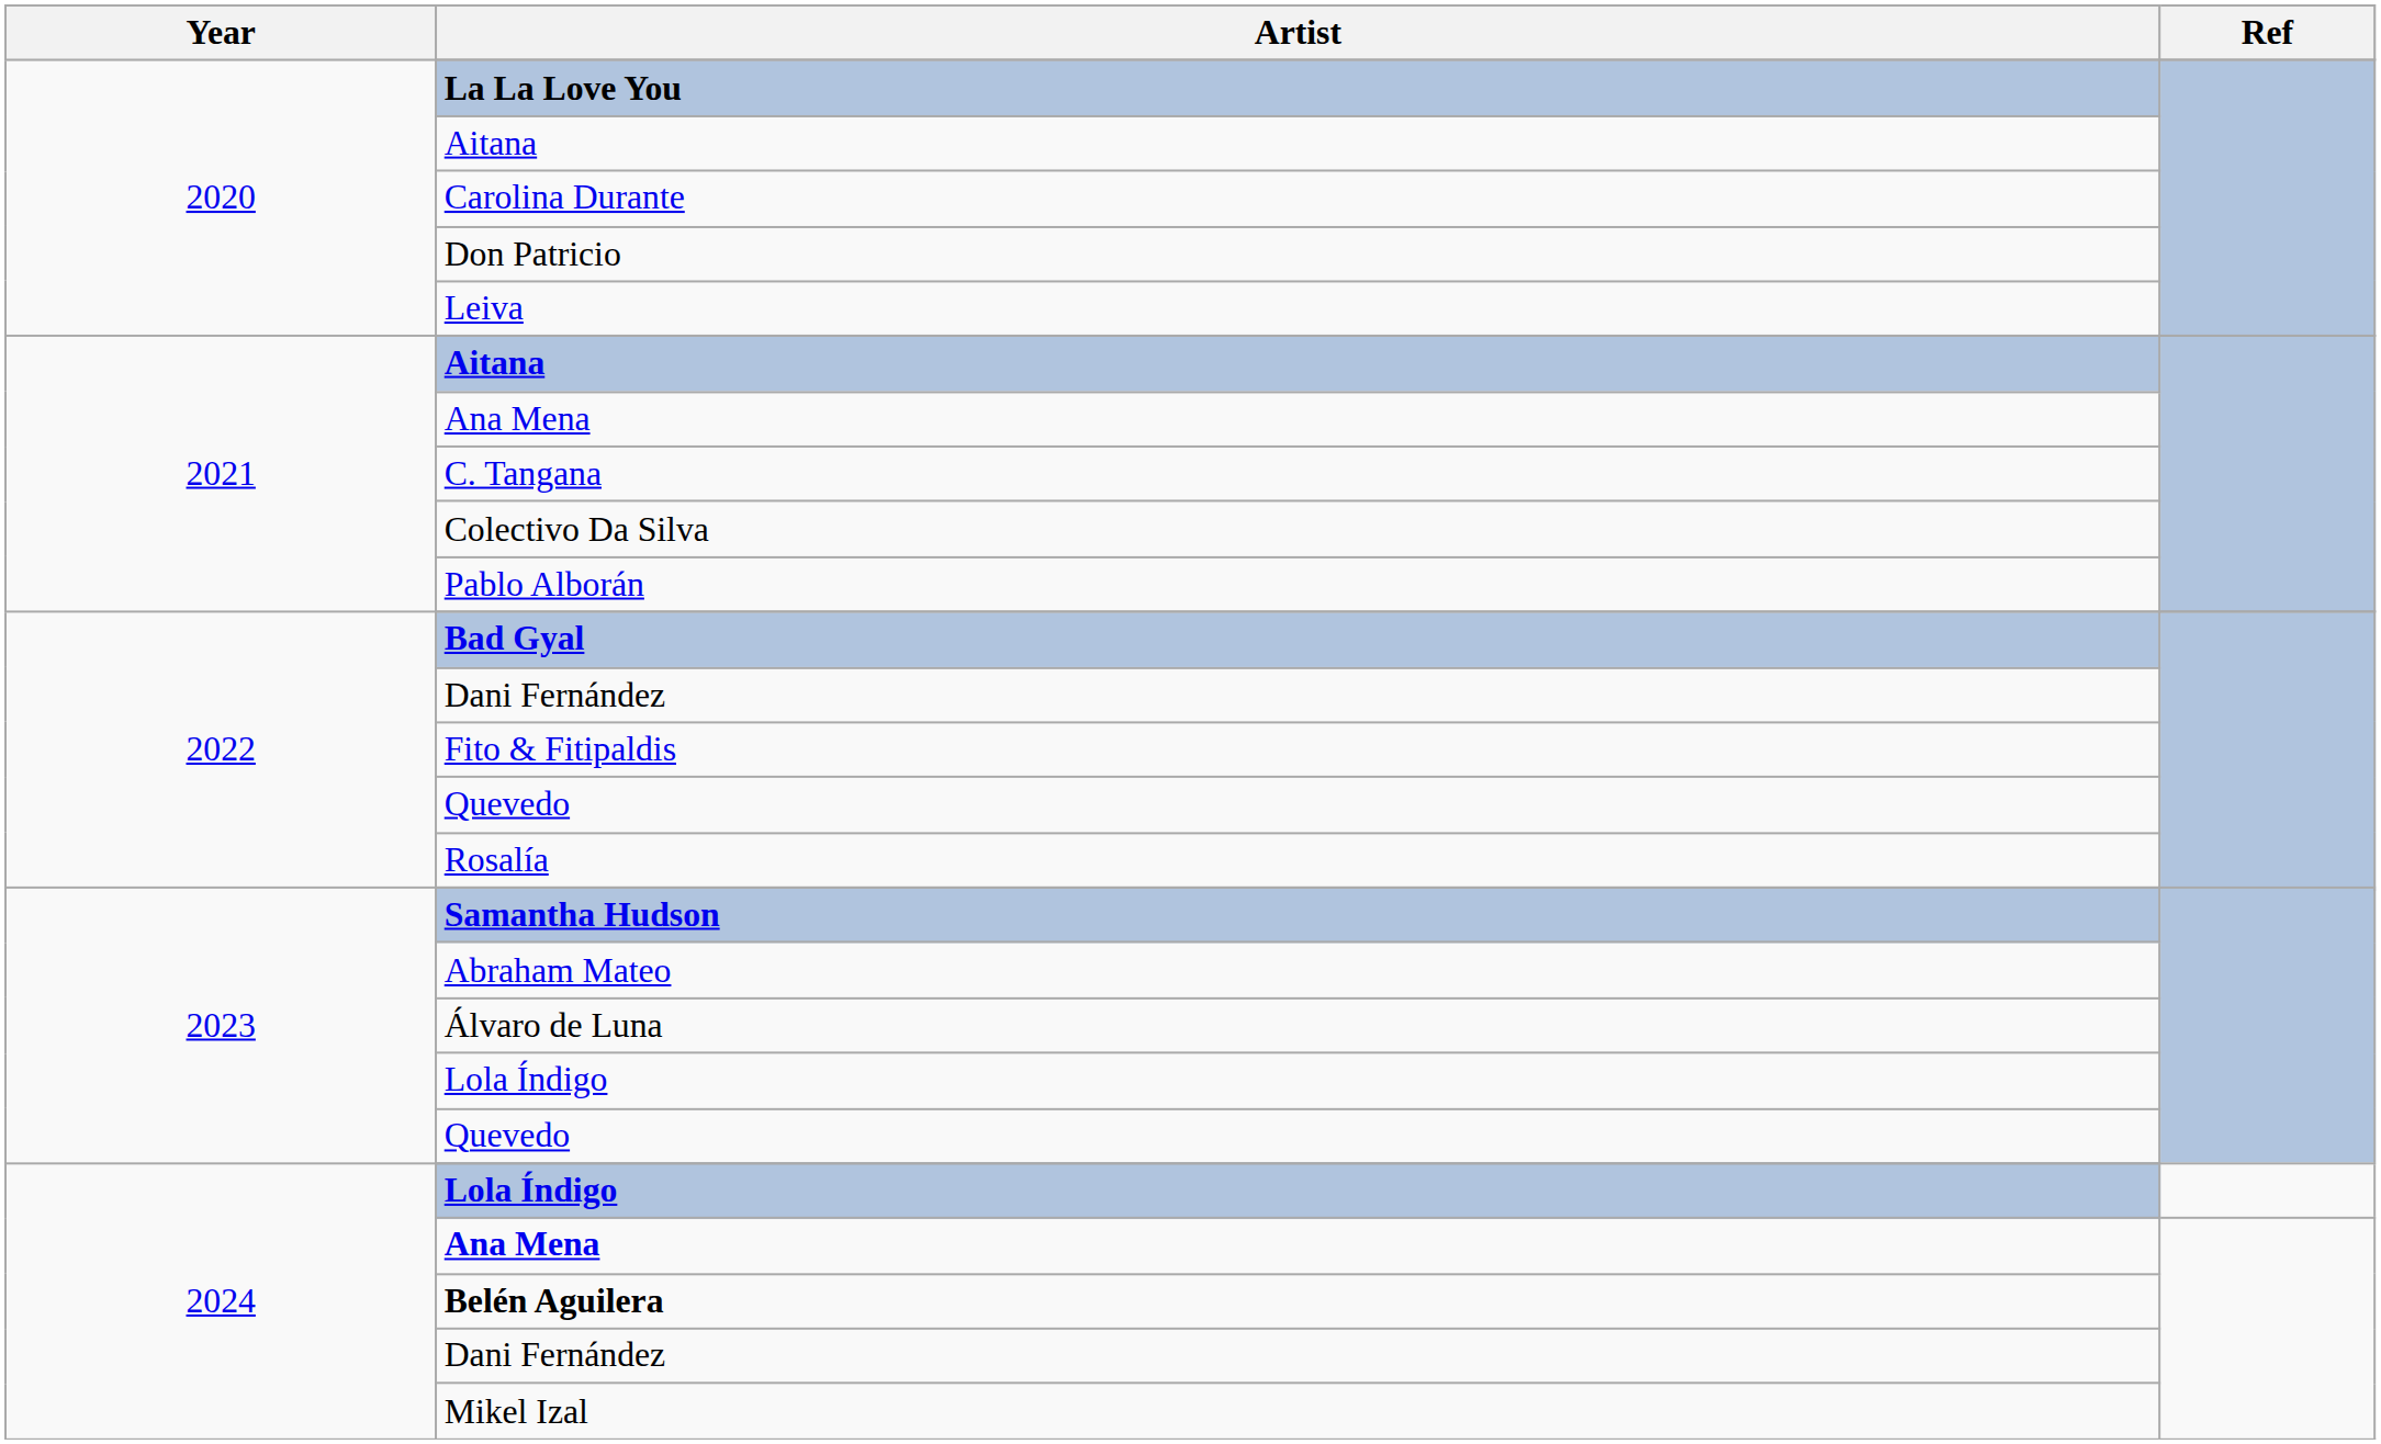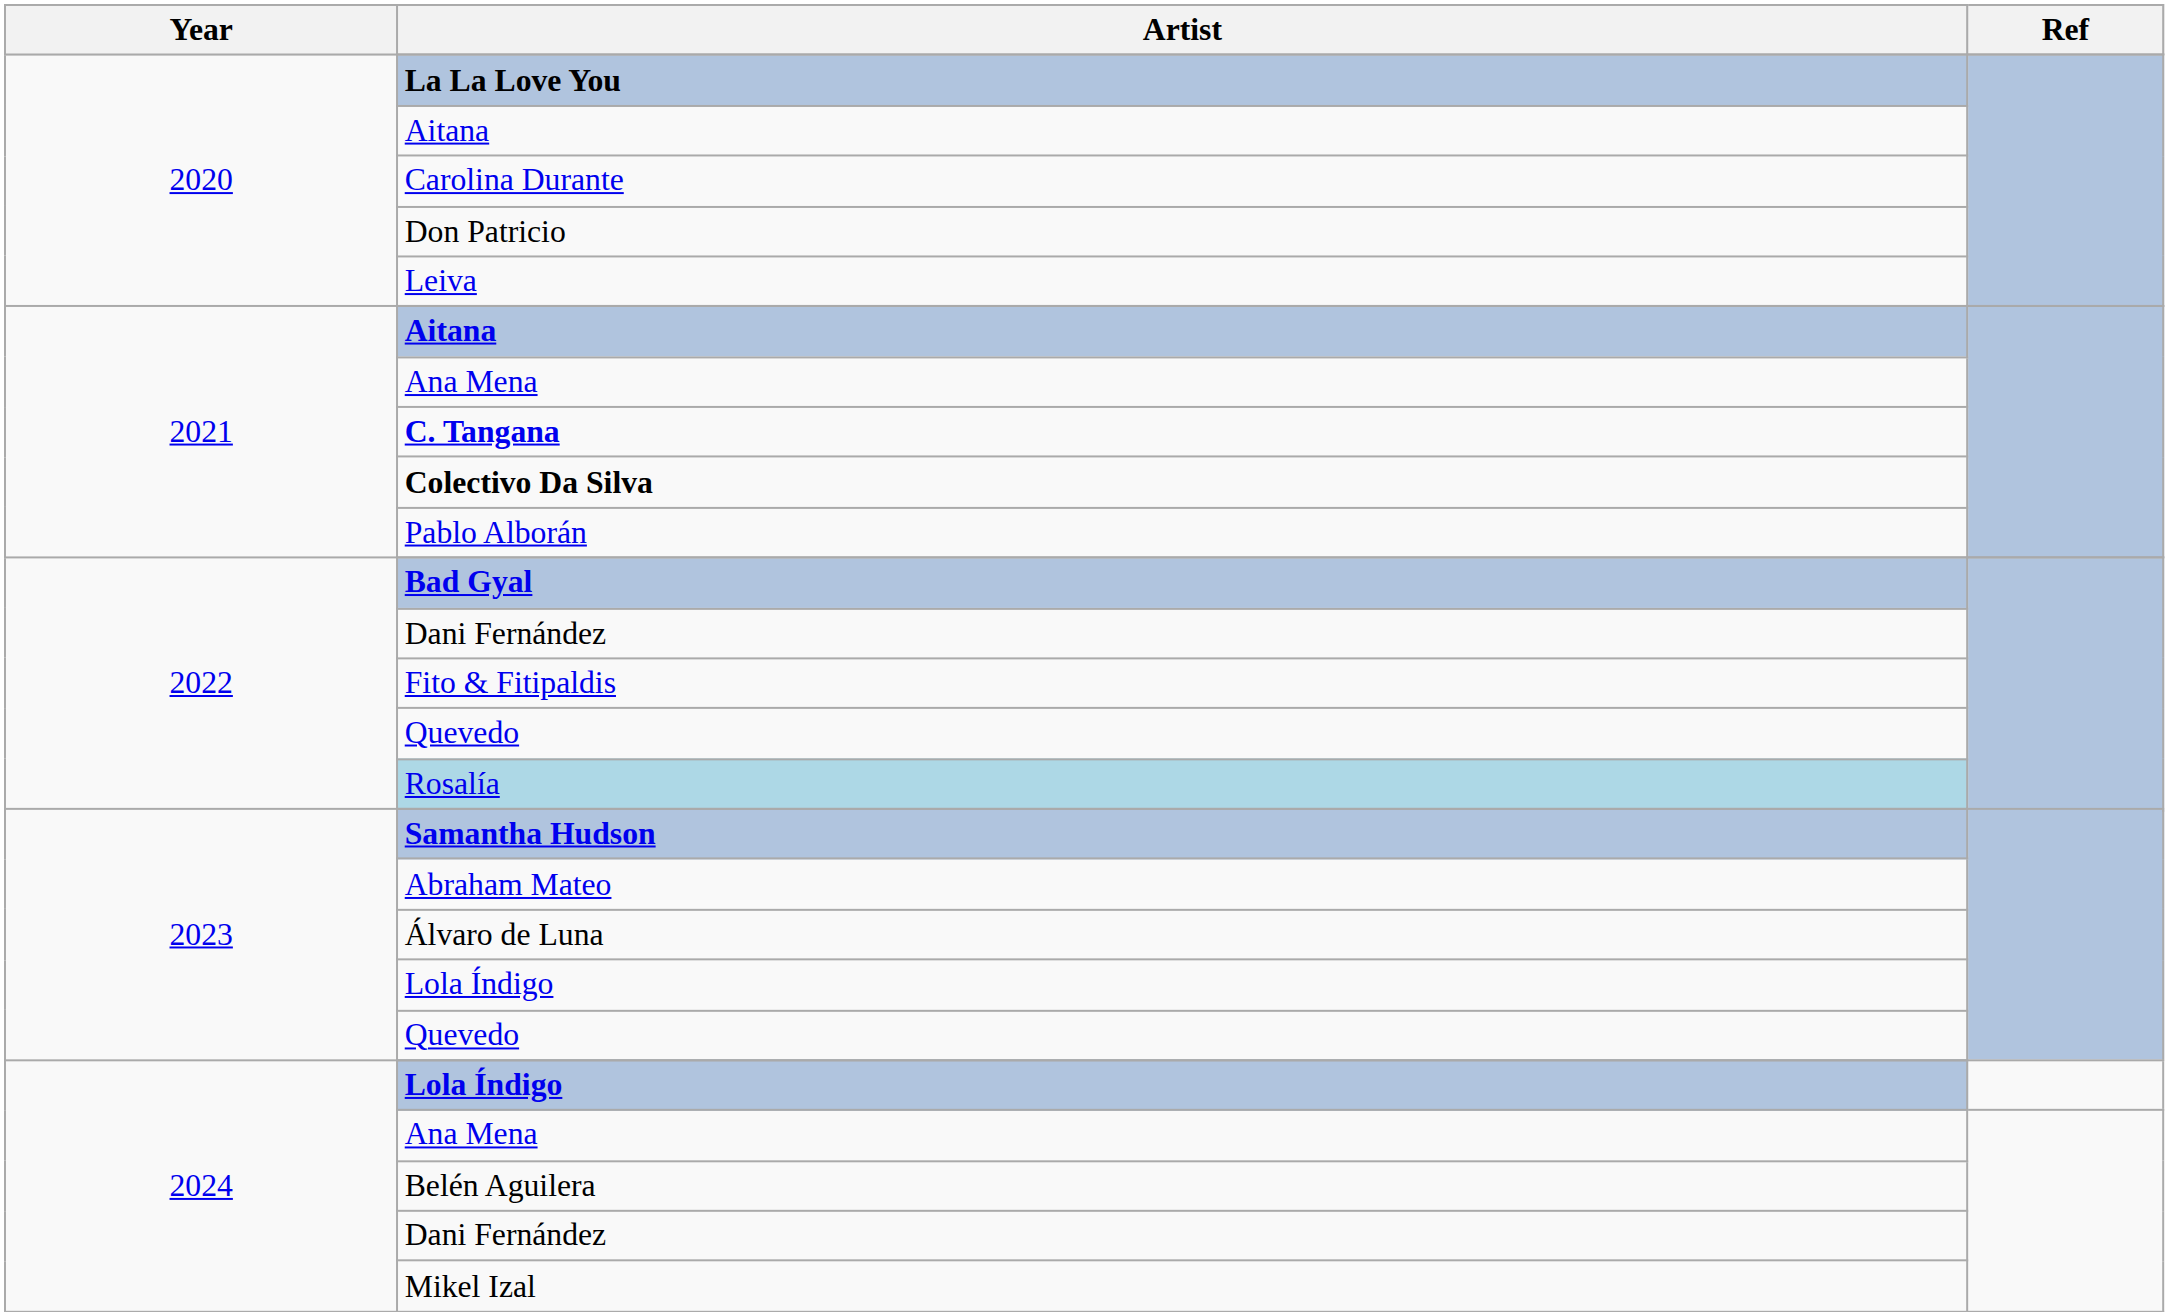 <table class="wikitable" style="width:55%;">
 <tr style="background:#bebebe;">
 <th style="width:10%;">Year</th>
 <th style="width:40%;">Artist</th>
 <th style="width:5%;">Ref</th>
 </tr>
 <tr>
 <td rowspan="6" align="center"><a href='#'>2020</a></td>
 </tr>
 <tr style="background:#B0C4DE">
 <td><strong>La La Love You</strong></td>
 <td rowspan="5" align="center"></td>
 </tr>
 <tr>
 <td><a href='#'>Aitana</a></td>
 </tr>
 <tr>
 <td><a href='#'>Carolina Durante</a></td>
 </tr>
 <tr>
 <td>Don Patricio</td>
 </tr>
 <tr>
 <td><a href='#'>Leiva</a></td>
 </tr>
 <tr>
 <td rowspan="6" align="center"><a href='#'>2021</a></td>
 </tr>
 <tr style="background:#B0C4DE">
 <td><strong><a href='#'>Aitana</a></strong></td>
 <td rowspan="5" align="center"></td>
 </tr>
 <tr>
 <td><a href='#'>Ana Mena</a></td>
 </tr>
 <tr>
-<td><a href='#'>C. Tangana</a></td>
+<td><strong><a href='#'>C. Tangana</a></strong></td>
 </tr>
 <tr>
-<td>Colectivo Da Silva</td>
+<td><strong>Colectivo Da Silva</strong></td>
 </tr>
 <tr>
 <td><a href='#'>Pablo Alborán</a></td>
 </tr>
 <tr>
 <td rowspan="6" align="center"><a href='#'>2022</a></td>
 </tr>
 <tr style="background:#B0C4DE">
 <td><strong><a href='#'>Bad Gyal</a></strong></td>
 <td rowspan="6" align="center"></td>
 </tr>
 <tr>
 <td>Dani Fernández</td>
 </tr>
 <tr>
 <td><a href='#'>Fito & Fitipaldis</a></td>
 </tr>
 <tr>
 <td><a href='#'>Quevedo</a></td>
 </tr>
 <tr>
-<td><a href='#'>Rosalía</a></td>
+<td style="background: lightblue;"><a href='#'>Rosalía</a></td>
 </tr>
 <tr>
 <td rowspan="6" align="center"><a href='#'>2023</a></td>
 </tr>
 <tr style="background:#B0C4DE">
 <td><strong><a href='#'>Samantha Hudson</a></strong></td>
 <td rowspan="6" align="center"></td>
 </tr>
 <tr>
 <td><a href='#'>Abraham Mateo</a></td>
 </tr>
 <tr>
 <td>Álvaro de Luna</td>
 </tr>
 <tr>
 <td><a href='#'>Lola Índigo</a></td>
 </tr>
 <tr>
 <td><a href='#'>Quevedo</a></td>
 </tr>
 <tr>
 <td rowspan="6" align="center"><a href='#'>2024</a></td>
 </tr>
 <tr style="background:#B0C4DE">
 <td><strong><a href='#'>Lola Índigo</a></strong></td>
 </tr>
 <tr>
-<td><strong><a href='#'>Ana Mena</a></strong></td>
+<td><a href='#'>Ana Mena</a></td>
 <td rowspan="6" align="center"></td>
 </tr>
 <tr>
-<td><strong>Belén Aguilera</strong></td>
+<td>Belén Aguilera</td>
 </tr>
 <tr>
 <td>Dani Fernández</td>
 </tr>
 <tr>
 <td>Mikel Izal</td>
 </tr>
 </table>
